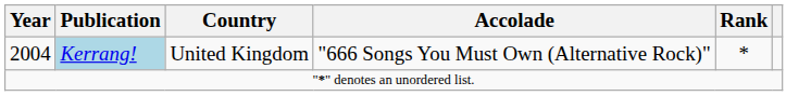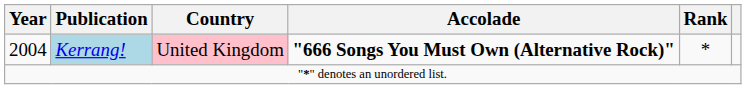 <table class="wikitable sortable" style="margin:0 1em 1em 0;">
 <tr>
 <th>Year</th>
 <th>Publication</th>
 <th>Country</th>
 <th>Accolade</th>
 <th>Rank</th>
 <th class=unsortable></th>
 </tr>
 <tr>
 <td align=center>2004</td>
 <td style="background: lightblue;"><em><a href='#'>Kerrang!</a></em></td>
-<td>United Kingdom</td>
-<td>"666 Songs You Must Own (Alternative Rock)"</td>
+<td style="background: pink;">United Kingdom</td>
+<td><strong>"666 Songs You Must Own (Alternative Rock)"</strong></td>
 <td align=center>*</td>
 <td></td>
 </tr>
 <tr class="sortbottom">
 <td colspan="6"  style="font-size:8pt; text-align:center;">"<strong>*</strong>" denotes an unordered list.</td>
 </tr>
 </table>
